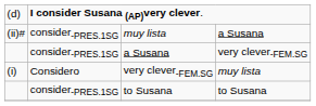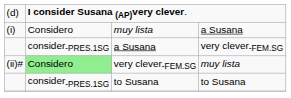 <table class="wikitable">
 <tr>
 <td>(d)</td>
 <td colspan= "3"><strong>I consider Susana <sub>(AP)</sub>very clever</strong>.</td>
 </tr>
 <tr>
-<td>(ii)#</td>
-<td>consider<sub>-PRES.1SG</sub></td>
+<td>(i)</td>
+<td>Considero</td>
 <td><em>muy lista</em></td>
 <td><u>a Susana</u></td>
 </tr>
 <tr>
 <td></td>
 <td>consider<sub>-PRES.1SG</sub></td>
 <td><u>a Susana</u></td>
 <td>very clever<sub>-FEM.SG</sub></td>
 </tr>
 <tr>
-<td>(i)</td>
-<td>Considero</td>
+<td>(ii)#</td>
+<td style="background: lightgreen;">Considero</td>
 <td>very clever<sub>-FEM.SG</sub></td>
 <td><em>muy lista</em></td>
 </tr>
 <tr>
 <td></td>
 <td>consider<sub>-PRES.1SG</sub></td>
 <td>to Susana</td>
 <td>to Susana</td>
 </tr>
 <tr>
 </tr>
 </table>
